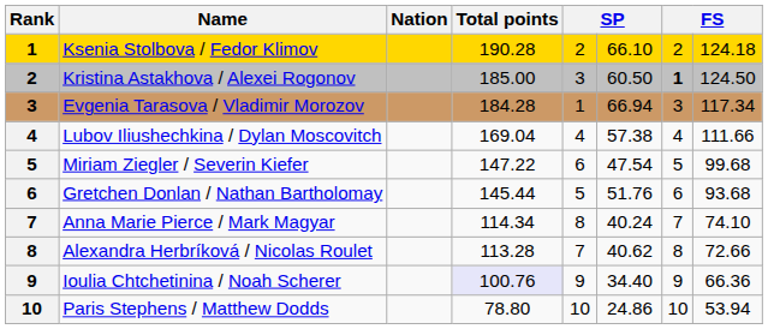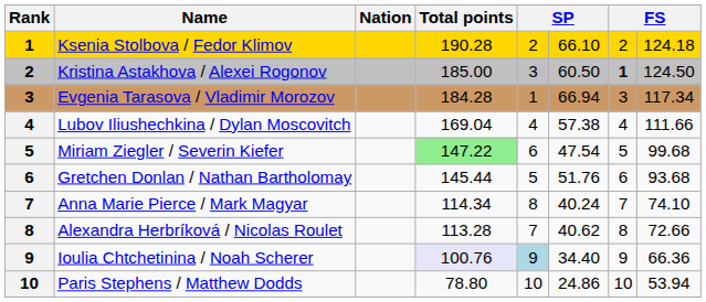 <table class="wikitable sortable">
 <tr>
 <th>Rank</th>
 <th>Name</th>
 <th>Nation</th>
 <th>Total points</th>
 <th colspan="2" width="80px"><a href='#'>SP</a></th>
 <th colspan="2" width="80px"><a href='#'>FS</a></th>
 </tr>
 <tr bgcolor="gold">
 <td align="center"><strong>1</strong></td>
 <td><a href='#'>Ksenia Stolbova</a> / <a href='#'>Fedor Klimov</a></td>
 <td></td>
 <td align="center">190.28</td>
 <td align="center">2</td>
 <td align="center">66.10</td>
 <td align="center">2</td>
 <td align="center">124.18</td>
 </tr>
 <tr bgcolor="silver">
 <td align="center"><strong>2</strong></td>
 <td><a href='#'>Kristina Astakhova</a> / <a href='#'>Alexei Rogonov</a></td>
 <td></td>
 <td align="center">185.00</td>
 <td align="center">3</td>
 <td align="center">60.50</td>
 <td align="center"><strong>1</strong></td>
 <td align="center">124.50</td>
 </tr>
 <tr bgcolor="cc9966">
 <td align="center"><strong>3</strong></td>
 <td><a href='#'>Evgenia Tarasova</a> / <a href='#'>Vladimir Morozov</a></td>
 <td></td>
 <td align="center">184.28</td>
 <td align="center">1</td>
 <td align="center">66.94</td>
 <td align="center">3</td>
 <td align="center">117.34</td>
 </tr>
 <tr>
 <th>4</th>
 <td><a href='#'>Lubov Iliushechkina</a> / <a href='#'>Dylan Moscovitch</a></td>
 <td></td>
 <td align="center">169.04</td>
 <td align="center">4</td>
 <td align="center">57.38</td>
 <td align="center">4</td>
 <td align="center">111.66</td>
 </tr>
 <tr>
 <th>5</th>
 <td><a href='#'>Miriam Ziegler</a> / <a href='#'>Severin Kiefer</a></td>
 <td></td>
-<td align="center">147.22</td>
+<td align="center" style="background: lightgreen;">147.22</td>
 <td align="center">6</td>
 <td align="center">47.54</td>
 <td align="center">5</td>
 <td align="center">99.68</td>
 </tr>
 <tr>
 <th>6</th>
 <td><a href='#'>Gretchen Donlan</a> / <a href='#'>Nathan Bartholomay</a></td>
 <td></td>
 <td align="center">145.44</td>
 <td align="center">5</td>
 <td align="center">51.76</td>
 <td align="center">6</td>
 <td align="center">93.68</td>
 </tr>
 <tr>
 <th>7</th>
 <td><a href='#'>Anna Marie Pierce</a> / <a href='#'>Mark Magyar</a></td>
 <td></td>
 <td align="center">114.34</td>
 <td align="center">8</td>
 <td align="center">40.24</td>
 <td align="center">7</td>
 <td align="center">74.10</td>
 </tr>
 <tr>
 <th>8</th>
 <td><a href='#'>Alexandra Herbríková</a> / <a href='#'>Nicolas Roulet</a></td>
 <td></td>
 <td align="center">113.28</td>
 <td align="center">7</td>
 <td align="center">40.62</td>
 <td align="center">8</td>
 <td align="center">72.66</td>
 </tr>
 <tr>
 <th>9</th>
 <td><a href='#'>Ioulia Chtchetinina</a> / <a href='#'>Noah Scherer</a></td>
 <td></td>
 <td align="center" style="background: lavender;">100.76</td>
-<td align="center">9</td>
+<td align="center" style="background: lightblue;">9</td>
 <td align="center">34.40</td>
 <td align="center">9</td>
 <td align="center">66.36</td>
 </tr>
 <tr>
 <th>10</th>
 <td><a href='#'>Paris Stephens</a> / <a href='#'>Matthew Dodds</a></td>
 <td></td>
 <td align="center">78.80</td>
 <td align="center">10</td>
 <td align="center">24.86</td>
 <td align="center">10</td>
 <td align="center">53.94</td>
 </tr>
 </table>
